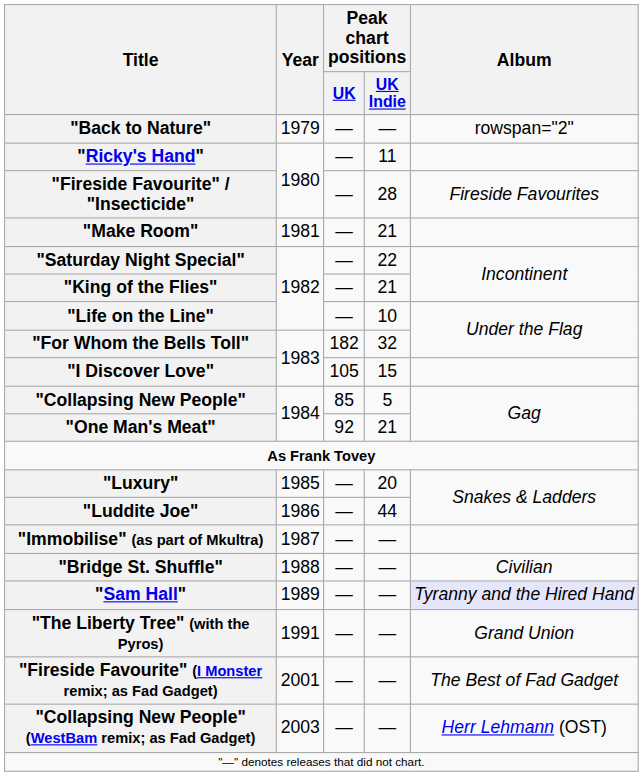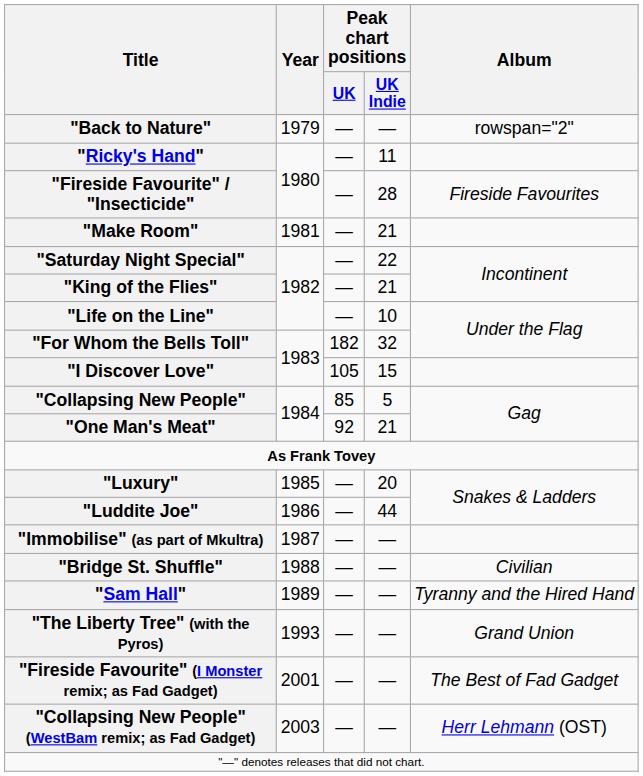 <table class="wikitable plainrowheaders" style="text-align:center;">
 <tr>
 <th rowspan="2" scope="col" style="width:15em;">Title</th>
 <th rowspan="2" scope="col" style="width:2em;">Year</th>
 <th colspan="2">Peak chart positions</th>
 <th rowspan="2">Album</th>
 </tr>
 <tr>
 <th scope="col" style="width:2em;font-size:90%;"><a href='#'>UK</a><br></th>
 <th scope="col" style="width:2em;font-size:90%;"><a href='#'>UK<br>Indie</a><br></th>
 </tr>
 <tr>
 <th scope="row">"Back to Nature"</th>
 <td>1979</td>
 <td>—</td>
 <td>—</td>
 <td>rowspan="2" </td>
 </tr>
 <tr>
 <th scope="row">"<a href='#'>Ricky's Hand</a>"</th>
 <td rowspan="2">1980</td>
 <td>—</td>
 <td>11</td>
 </tr>
 <tr>
 <th scope="row">"Fireside Favourite" / "Insecticide"</th>
 <td>—</td>
 <td>28</td>
 <td><em>Fireside Favourites</em></td>
 </tr>
 <tr>
 <th scope="row">"Make Room"</th>
 <td>1981</td>
 <td>—</td>
 <td>21</td>
 <td></td>
 </tr>
 <tr>
 <th scope="row">"Saturday Night Special"</th>
 <td rowspan="3">1982</td>
 <td>—</td>
 <td>22</td>
 <td rowspan="2"><em>Incontinent</em></td>
 </tr>
 <tr>
 <th scope="row">"King of the Flies"</th>
 <td>—</td>
 <td>21</td>
 </tr>
 <tr>
 <th scope="row">"Life on the Line"</th>
 <td>—</td>
 <td>10</td>
 <td rowspan="2"><em>Under the Flag</em></td>
 </tr>
 <tr>
 <th scope="row">"For Whom the Bells Toll"</th>
 <td rowspan="2">1983</td>
 <td>182</td>
 <td>32</td>
 </tr>
 <tr>
 <th scope="row">"I Discover Love"</th>
 <td>105</td>
 <td>15</td>
 <td></td>
 </tr>
 <tr>
 <th scope="row">"Collapsing New People"</th>
 <td rowspan="2">1984</td>
 <td>85</td>
 <td>5</td>
 <td rowspan="2"><em>Gag</em></td>
 </tr>
 <tr>
 <th scope="row">"One Man's Meat"</th>
 <td>92</td>
 <td>21</td>
 </tr>
 <tr>
 <td colspan="5" align="center"><small><strong>As Frank Tovey</strong></small></td>
 </tr>
 <tr>
 <th scope="row">"Luxury"</th>
 <td>1985</td>
 <td>—</td>
 <td>20</td>
 <td rowspan="2"><em>Snakes & Ladders</em></td>
 </tr>
 <tr>
 <th scope="row">"Luddite Joe"</th>
 <td>1986</td>
 <td>—</td>
 <td>44</td>
 </tr>
 <tr>
 <th scope="row">"Immobilise" <small>(as part of Mkultra)</small></th>
 <td>1987</td>
 <td>—</td>
 <td>—</td>
 <td></td>
 </tr>
 <tr>
 <th scope="row">"Bridge St. Shuffle"</th>
 <td>1988</td>
 <td>—</td>
 <td>—</td>
 <td><em>Civilian</em></td>
 </tr>
 <tr>
 <th scope="row">"<a href='#'>Sam Hall</a>"</th>
 <td>1989</td>
 <td>—</td>
 <td>—</td>
-<td style="background: lavender;"><em>Tyranny and the Hired Hand</em></td>
+<td><em>Tyranny and the Hired Hand</em></td>
 </tr>
 <tr>
 <th scope="row">"The Liberty Tree" <small>(with the Pyros)</small></th>
-<td>1991</td>
+<td>1993</td>
 <td>—</td>
 <td>—</td>
 <td><em>Grand Union</em></td>
 </tr>
 <tr>
 <th scope="row">"Fireside Favourite" <small>(<a href='#'>I Monster</a> remix; as Fad Gadget)</small></th>
 <td>2001</td>
 <td>—</td>
 <td>—</td>
 <td><em>The Best of Fad Gadget</em></td>
 </tr>
 <tr>
 <th scope="row">"Collapsing New People" <small>(<a href='#'>WestBam</a> remix; as Fad Gadget)</small></th>
 <td>2003</td>
 <td>—</td>
 <td>—</td>
 <td><em><a href='#'>Herr Lehmann</a></em> (OST)</td>
 </tr>
 <tr>
 <td colspan="5" style="font-size:8pt">"—" denotes releases that did not chart.</td>
 </tr>
 </table>
